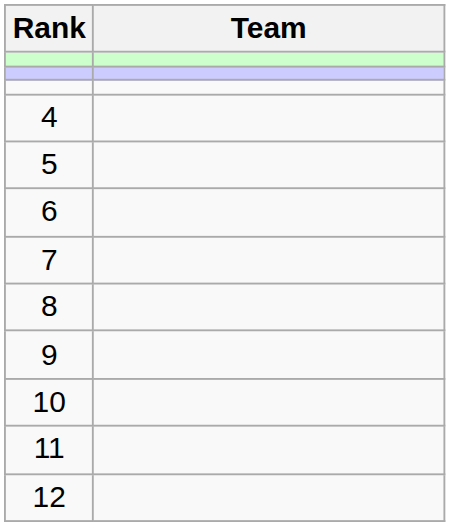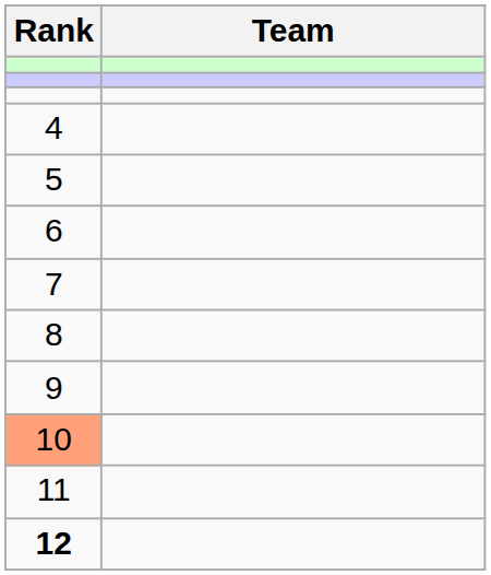 <table class="wikitable" style="text-align: center;">
 <tr>
 <th width=40>Rank</th>
 <th width=180>Team</th>
 </tr>
 <tr bgcolor=ccffcc>
 <td></td>
 <td align=left></td>
 </tr>
 <tr bgcolor=ccccff>
 <td></td>
 <td align=left></td>
 </tr>
 <tr>
 <td></td>
 <td align=left></td>
 </tr>
 <tr>
 <td>4</td>
 <td align=left></td>
 </tr>
 <tr>
 <td>5</td>
 <td align=left></td>
 </tr>
 <tr>
 <td>6</td>
 <td align=left></td>
 </tr>
 <tr>
 <td>7</td>
 <td align=left></td>
 </tr>
 <tr>
 <td>8</td>
 <td align=left></td>
 </tr>
 <tr>
 <td>9</td>
 <td align=left></td>
 </tr>
 <tr>
-<td>10</td>
+<td style="background: lightsalmon;">10</td>
 <td align=left></td>
 </tr>
 <tr>
 <td>11</td>
 <td align=left></td>
 </tr>
 <tr>
-<td>12</td>
+<td><strong>12</strong></td>
 <td align=left></td>
 </tr>
 </table>
